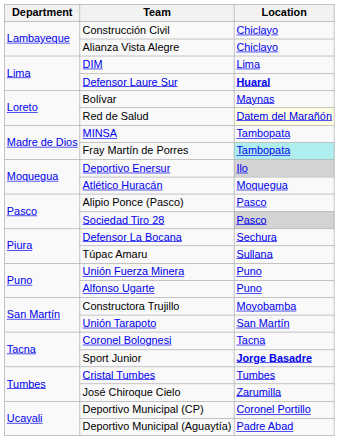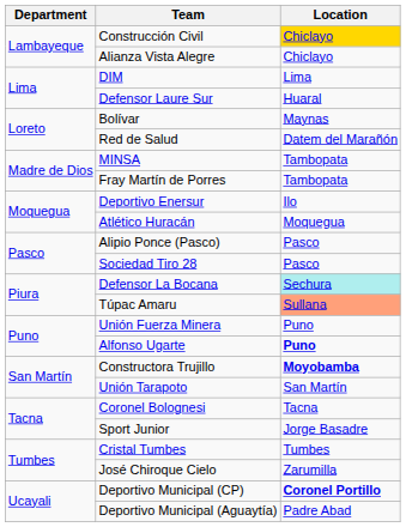 <table class="wikitable">
 <tr>
 <th>Department</th>
 <th>Team</th>
 <th>Location</th>
 </tr>
 <tr>
 <td rowspan="2"><a href='#'>Lambayeque</a></td>
 <td>Construcción Civil</td>
-<td><a href='#'>Chiclayo</a></td>
+<td style="background: gold;"><a href='#'>Chiclayo</a></td>
 </tr>
 <tr>
 <td>Alianza Vista Alegre</td>
 <td><a href='#'>Chiclayo</a></td>
 </tr>
 <tr>
 <td rowspan="2"><a href='#'>Lima</a></td>
 <td><a href='#'>DIM</a></td>
 <td><a href='#'>Lima</a></td>
 </tr>
 <tr>
 <td><a href='#'>Defensor Laure Sur</a></td>
-<td><strong><a href='#'>Huaral</a></strong></td>
+<td><a href='#'>Huaral</a></td>
 </tr>
 <tr>
 <td rowspan="2"><a href='#'>Loreto</a></td>
 <td>Bolívar</td>
 <td><a href='#'>Maynas</a></td>
 </tr>
 <tr>
 <td>Red de Salud</td>
-<td style="background: lightyellow;"><a href='#'>Datem del Marañón</a></td>
+<td><a href='#'>Datem del Marañón</a></td>
 </tr>
 <tr>
 <td rowspan="2"><a href='#'>Madre de Dios</a></td>
 <td><a href='#'>MINSA</a></td>
 <td><a href='#'>Tambopata</a></td>
 </tr>
 <tr>
 <td>Fray Martín de Porres</td>
-<td style="background: paleturquoise;"><a href='#'>Tambopata</a></td>
+<td><a href='#'>Tambopata</a></td>
 </tr>
 <tr>
 <td rowspan="2"><a href='#'>Moquegua</a></td>
 <td><a href='#'>Deportivo Enersur</a></td>
-<td style="background: lightgrey;"><a href='#'>Ilo</a></td>
+<td><a href='#'>Ilo</a></td>
 </tr>
 <tr>
 <td><a href='#'>Atlético Huracán</a></td>
 <td><a href='#'>Moquegua</a></td>
 </tr>
 <tr>
 <td rowspan="2"><a href='#'>Pasco</a></td>
 <td>Alipio Ponce (Pasco)</td>
 <td><a href='#'>Pasco</a></td>
 </tr>
 <tr>
 <td><a href='#'>Sociedad Tiro 28</a></td>
-<td style="background: lightgrey;"><a href='#'>Pasco</a></td>
+<td><a href='#'>Pasco</a></td>
 </tr>
 <tr>
 <td rowspan="2"><a href='#'>Piura</a></td>
 <td><a href='#'>Defensor La Bocana</a></td>
-<td><a href='#'>Sechura</a></td>
+<td style="background: paleturquoise;"><a href='#'>Sechura</a></td>
 </tr>
 <tr>
 <td>Túpac Amaru</td>
-<td><a href='#'>Sullana</a></td>
+<td style="background: lightsalmon;"><a href='#'>Sullana</a></td>
 </tr>
 <tr>
 <td rowspan="2"><a href='#'>Puno</a></td>
 <td><a href='#'>Unión Fuerza Minera</a></td>
 <td><a href='#'>Puno</a></td>
 </tr>
 <tr>
 <td><a href='#'>Alfonso Ugarte</a></td>
-<td><a href='#'>Puno</a></td>
+<td><strong><a href='#'>Puno</a></strong></td>
 </tr>
 <tr>
 <td rowspan="2"><a href='#'>San Martín</a></td>
 <td>Constructora Trujillo</td>
-<td><a href='#'>Moyobamba</a></td>
+<td><strong><a href='#'>Moyobamba</a></strong></td>
 </tr>
 <tr>
 <td><a href='#'>Unión Tarapoto</a></td>
 <td><a href='#'>San Martín</a></td>
 </tr>
 <tr>
 <td rowspan="2"><a href='#'>Tacna</a></td>
 <td><a href='#'>Coronel Bolognesi</a></td>
 <td><a href='#'>Tacna</a></td>
 </tr>
 <tr>
 <td>Sport Junior</td>
-<td><strong><a href='#'>Jorge Basadre</a></strong></td>
+<td><a href='#'>Jorge Basadre</a></td>
 </tr>
 <tr>
 <td rowspan="2"><a href='#'>Tumbes</a></td>
 <td><a href='#'>Cristal Tumbes</a></td>
 <td><a href='#'>Tumbes</a></td>
 </tr>
 <tr>
 <td>José Chiroque Cielo</td>
 <td><a href='#'>Zarumilla</a></td>
 </tr>
 <tr>
 <td rowspan="2"><a href='#'>Ucayali</a></td>
 <td>Deportivo Municipal (CP)</td>
-<td><a href='#'>Coronel Portillo</a></td>
+<td><strong><a href='#'>Coronel Portillo</a></strong></td>
 </tr>
 <tr>
 <td>Deportivo Municipal (Aguaytía)</td>
 <td><a href='#'>Padre Abad</a></td>
 </tr>
 </table>
